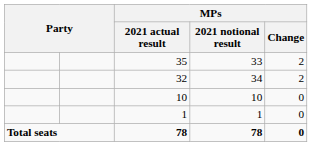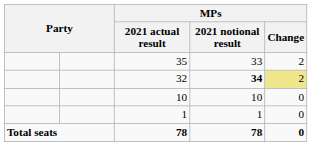 <table class="wikitable" style="text-align:right;">
 <tr>
 <th colspan="2" rowspan="2" class=unsortable style="text-align: center; vertical-align: middle; width: 150px;">Party</th>
 <th colspan="3" style="vertical-align: top;">MPs</th>
 </tr>
 <tr>
 <th data-sort-type=number style="width: 100px;">2021 actual result</th>
 <th data-sort-type=number style="width: 100px;">2021 notional result</th>
 <th data-sort-type=number style="width: 50px;">Change</th>
 </tr>
 <tr>
 <td style="background:"></td>
 <td style="text-align:left"></td>
 <td>35</td>
 <td>33</td>
 <td> 2</td>
 </tr>
 <tr>
 <td style="background:"></td>
 <td style="text-align:left"></td>
 <td>32</td>
-<td>34</td>
-<td> 2</td>
+<td><strong>34</strong></td>
+<td style="background: khaki;"> 2</td>
 </tr>
 <tr>
 <td style="background:"></td>
 <td style="text-align:left"></td>
 <td>10</td>
 <td>10</td>
 <td> 0</td>
 </tr>
 <tr>
 <td style="background:"></td>
 <td style="text-align:left"></td>
 <td>1</td>
 <td>1</td>
 <td> 0</td>
 </tr>
 <tr>
 <td style="text-align: left;" colspan="2"><strong>Total seats</strong></td>
 <td><strong>78</strong></td>
 <td><strong>78</strong></td>
 <td><strong>0</strong> </td>
 </tr>
 </table>
